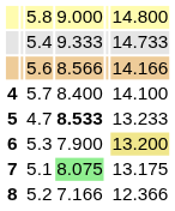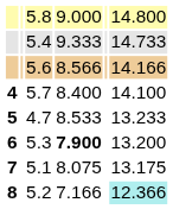 <table>
 <tr style="background: #fffcaf">
 <th scope=row style="text-align:center"></th>
 <td align=left></td>
 <td>5.8</td>
 <td>9.000</td>
 <td></td>
 <td>14.800</td>
 </tr>
 <tr style="background: #e5e5e5">
 <th scope=row style="text-align:center"></th>
 <td align=left></td>
 <td>5.4</td>
 <td>9.333</td>
 <td></td>
 <td>14.733</td>
 </tr>
 <tr style="background: #eecc99">
 <th scope=row style="text-align:center"></th>
 <td align=left></td>
 <td>5.6</td>
 <td>8.566</td>
 <td></td>
 <td>14.166</td>
 </tr>
 <tr>
 <th scope=row style="text-align:center">4</th>
 <td align=left></td>
 <td>5.7</td>
 <td>8.400</td>
 <td></td>
 <td>14.100</td>
 </tr>
 <tr>
 <th scope=row style="text-align:center">5</th>
 <td align=left></td>
 <td>4.7</td>
-<td><strong>8.533</strong></td>
+<td>8.533</td>
 <td></td>
 <td>13.233</td>
 </tr>
 <tr>
 <th scope=row style="text-align:center">6</th>
 <td align=left></td>
 <td>5.3</td>
-<td>7.900</td>
+<td><strong>7.900</strong></td>
 <td></td>
-<td style="background: khaki;">13.200</td>
+<td>13.200</td>
 </tr>
 <tr>
 <th scope=row style="text-align:center">7</th>
 <td align=left></td>
 <td>5.1</td>
-<td style="background: lightgreen;">8.075</td>
+<td>8.075</td>
 <td></td>
 <td>13.175</td>
 </tr>
 <tr>
 <th scope=row style="text-align:center">8</th>
 <td align=left></td>
 <td>5.2</td>
 <td>7.166</td>
 <td></td>
-<td>12.366</td>
+<td style="background: paleturquoise;">12.366</td>
 </tr>
 <tr>
 </tr>
 </table>
